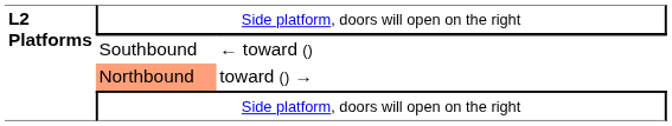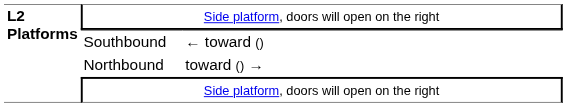 <table table border=0 cellspacing=0 cellpadding=3>
 <tr>
 <td style="border-top:solid 1px gray;border-bottom:solid 1px gray;" width=50 rowspan=10 valign=top><strong>L2<br>Platforms</strong></td>
 <td style="border-top:solid 1px gray;border-right:solid 2px black;border-left:solid 2px black;border-bottom:solid 2px black;text-align:center;" colspan=2><small><a href='#'>Side platform</a>, doors will open on the right</small></td>
 </tr>
 <tr>
 <td style="border-bottom:solid 0px gray;border-top:solid 1px gray;" width=100>Southbound</td>
 <td style="border-bottom:solid 0px gray;border-top:solid 1px gray;" width=390>←  toward  <small>()</small></td>
 </tr>
 <tr>
-<td style="background: lightsalmon;">Northbound</td>
+<td>Northbound</td>
 <td>  toward  <small>()</small> →</td>
 </tr>
 <tr>
 <td style="border-top:solid 2px black;border-right:solid 2px black;border-left:solid 2px black;border-bottom:solid 1px gray;text-align:center;" colspan=2><small><a href='#'>Side platform</a>, doors will open on the right</small></td>
 </tr>
 </table>
